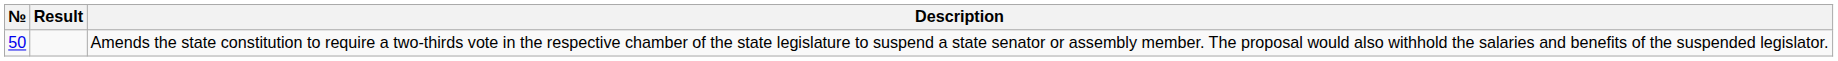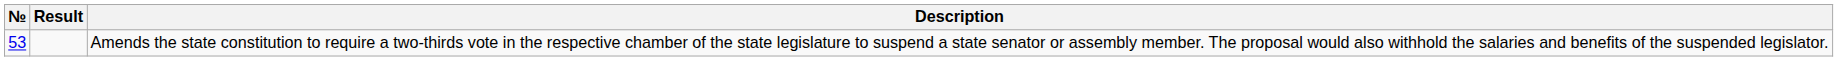 <table class="wikitable">
 <tr>
 <th scope="col">№</th>
 <th scope="col">Result</th>
 <th scope="col">Description</th>
 </tr>
 <tr>
-<td><a href='#'>50</a></td>
+<td><a href='#'>53</a></td>
 <td></td>
 <td>Amends the state constitution to require a two-thirds vote in the respective chamber of the state legislature to suspend a state senator or assembly member. The proposal would also withhold the salaries and benefits of the suspended legislator.</td>
 </tr>
 </table>
